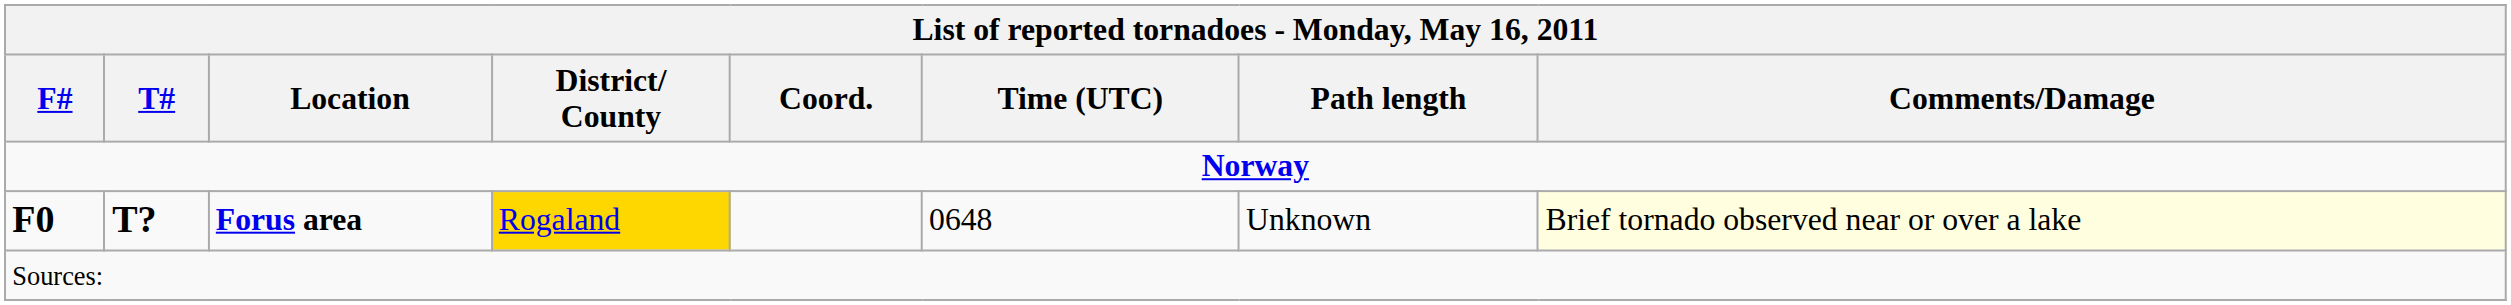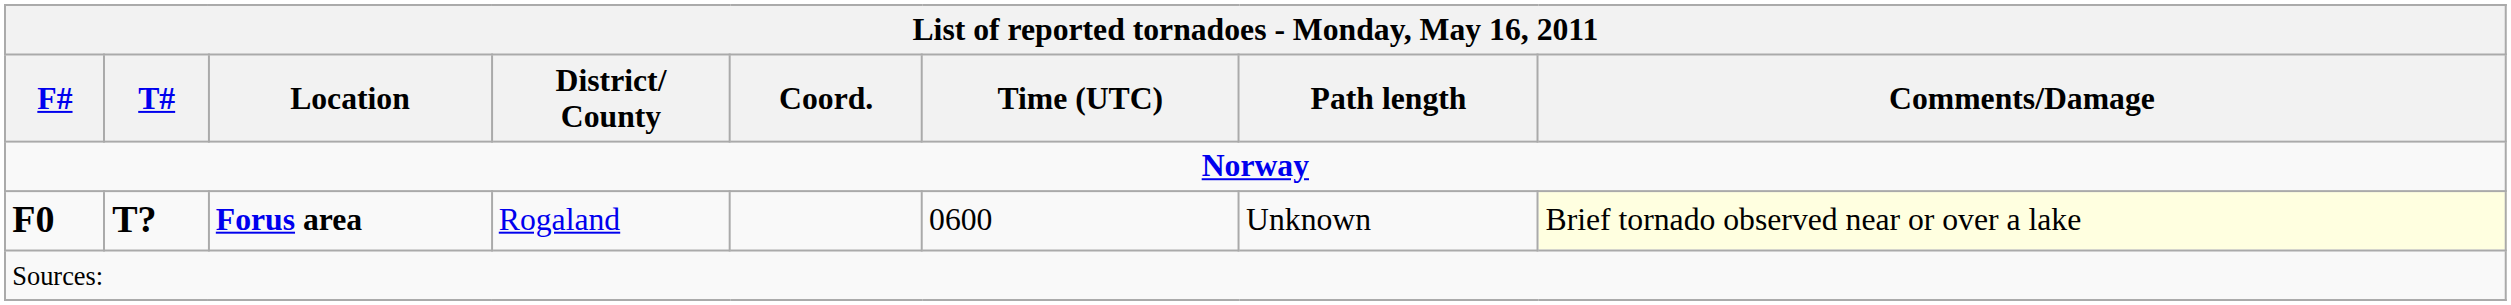 <table class="wikitable collapsible" width="100%">
 <tr>
 <th colspan="8">List of reported tornadoes - Monday, May 16, 2011</th>
 </tr>
 <tr>
 <th><a href='#'>F#</a></th>
 <th><a href='#'>T#</a></th>
 <th>Location</th>
 <th>District/<br>County</th>
 <th>Coord.</th>
 <th>Time (UTC)</th>
 <th>Path length</th>
 <th>Comments/Damage</th>
 </tr>
 <tr>
 <td colspan="8" align=center><strong><a href='#'>Norway</a></strong></td>
 </tr>
 <tr>
 <td><big><strong>F0</strong></big></td>
 <td><big><strong>T?</strong></big></td>
 <td><strong><a href='#'>Forus</a> area</strong></td>
-<td style="background: gold;"><a href='#'>Rogaland</a></td>
+<td><a href='#'>Rogaland</a></td>
 <td></td>
-<td>0648</td>
+<td>0600</td>
 <td>Unknown</td>
 <td style="background: lightyellow;">Brief tornado observed near or over a lake</td>
 </tr>
 <tr>
 <td colspan="8"><small>Sources:  </small></td>
 </tr>
 </table>
